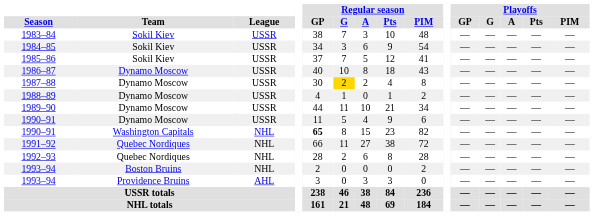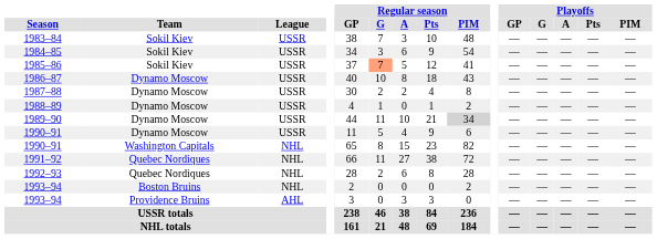 <table border="0" cellpadding="1" cellspacing="0" style="text-align:center; width:60em;">
 <tr style="background:#e0e0e0;">
 <th colspan="3"  bgcolor="#ffffff"> </th>
 <th rowspan="99" bgcolor="#ffffff"> </th>
 <th colspan="5"><a href='#'>Regular season</a></th>
 <th rowspan="99" bgcolor="#ffffff"> </th>
 <th colspan="5"><a href='#'>Playoffs</a></th>
 </tr>
 <tr style="background:#e0e0e0;">
 <th><a href='#'>Season</a></th>
 <th>Team</th>
 <th>League</th>
 <th>GP</th>
 <th><a href='#'>G</a></th>
 <th><a href='#'>A</a></th>
 <th><a href='#'>Pts</a></th>
 <th><a href='#'>PIM</a></th>
 <th>GP</th>
 <th>G</th>
 <th>A</th>
 <th>Pts</th>
 <th>PIM</th>
 </tr>
 <tr>
 <td><a href='#'>1983–84</a></td>
 <td><a href='#'>Sokil Kiev</a></td>
 <td><a href='#'>USSR</a></td>
 <td>38</td>
 <td>7</td>
 <td>3</td>
 <td>10</td>
 <td>48</td>
 <td>—</td>
 <td>—</td>
 <td>—</td>
 <td>—</td>
 <td>—</td>
 </tr>
 <tr bgcolor="#f0f0f0">
 <td><a href='#'>1984–85</a></td>
 <td>Sokil Kiev</td>
 <td>USSR</td>
 <td>34</td>
 <td>3</td>
 <td>6</td>
 <td>9</td>
 <td>54</td>
 <td>—</td>
 <td>—</td>
 <td>—</td>
 <td>—</td>
 <td>—</td>
 </tr>
 <tr>
 <td><a href='#'>1985–86</a></td>
 <td>Sokil Kiev</td>
 <td>USSR</td>
 <td>37</td>
-<td>7</td>
+<td style="background: lightsalmon;">7</td>
 <td>5</td>
 <td>12</td>
 <td>41</td>
 <td>—</td>
 <td>—</td>
 <td>—</td>
 <td>—</td>
 <td>—</td>
 </tr>
 <tr bgcolor="#f0f0f0">
 <td><a href='#'>1986–87</a></td>
 <td><a href='#'>Dynamo Moscow</a></td>
 <td>USSR</td>
 <td>40</td>
 <td>10</td>
 <td>8</td>
 <td>18</td>
 <td>43</td>
 <td>—</td>
 <td>—</td>
 <td>—</td>
 <td>—</td>
 <td>—</td>
 </tr>
 <tr>
 <td><a href='#'>1987–88</a></td>
 <td>Dynamo Moscow</td>
 <td>USSR</td>
 <td>30</td>
-<td style="background: gold;">2</td>
+<td>2</td>
 <td>2</td>
 <td>4</td>
 <td>8</td>
 <td>—</td>
 <td>—</td>
 <td>—</td>
 <td>—</td>
 <td>—</td>
 </tr>
 <tr bgcolor="#f0f0f0">
 <td><a href='#'>1988–89</a></td>
 <td>Dynamo Moscow</td>
 <td>USSR</td>
 <td>4</td>
 <td>1</td>
 <td>0</td>
 <td>1</td>
 <td>2</td>
 <td>—</td>
 <td>—</td>
 <td>—</td>
 <td>—</td>
 <td>—</td>
 </tr>
 <tr>
 <td><a href='#'>1989–90</a></td>
 <td>Dynamo Moscow</td>
 <td>USSR</td>
 <td>44</td>
 <td>11</td>
 <td>10</td>
 <td>21</td>
-<td>34</td>
+<td style="background: lightgrey;">34</td>
 <td>—</td>
 <td>—</td>
 <td>—</td>
 <td>—</td>
 <td>—</td>
 </tr>
 <tr bgcolor="#f0f0f0">
 <td><a href='#'>1990–91</a></td>
 <td>Dynamo Moscow</td>
 <td>USSR</td>
 <td>11</td>
 <td>5</td>
 <td>4</td>
 <td>9</td>
 <td>6</td>
 <td>—</td>
 <td>—</td>
 <td>—</td>
 <td>—</td>
 <td>—</td>
 </tr>
 <tr>
 <td><a href='#'>1990–91</a></td>
 <td><a href='#'>Washington Capitals</a></td>
 <td><a href='#'>NHL</a></td>
-<td><strong>65</strong></td>
+<td>65</td>
 <td>8</td>
 <td>15</td>
 <td>23</td>
 <td>82</td>
 <td>—</td>
 <td>—</td>
 <td>—</td>
 <td>—</td>
 <td>—</td>
 </tr>
 <tr bgcolor="#f0f0f0">
 <td><a href='#'>1991–92</a></td>
 <td><a href='#'>Quebec Nordiques</a></td>
 <td>NHL</td>
 <td>66</td>
 <td>11</td>
 <td>27</td>
 <td>38</td>
 <td>72</td>
 <td>—</td>
 <td>—</td>
 <td>—</td>
 <td>—</td>
 <td>—</td>
 </tr>
 <tr>
 <td><a href='#'>1992–93</a></td>
 <td>Quebec Nordiques</td>
 <td>NHL</td>
 <td>28</td>
 <td>2</td>
 <td>6</td>
 <td>8</td>
 <td>28</td>
 <td>—</td>
 <td>—</td>
 <td>—</td>
 <td>—</td>
 <td>—</td>
 </tr>
 <tr bgcolor="#f0f0f0">
 <td><a href='#'>1993–94</a></td>
 <td><a href='#'>Boston Bruins</a></td>
 <td>NHL</td>
 <td>2</td>
 <td>0</td>
 <td>0</td>
 <td>0</td>
 <td>2</td>
 <td>—</td>
 <td>—</td>
 <td>—</td>
 <td>—</td>
 <td>—</td>
 </tr>
 <tr>
 <td><a href='#'>1993–94</a></td>
 <td><a href='#'>Providence Bruins</a></td>
 <td><a href='#'>AHL</a></td>
 <td>3</td>
 <td>0</td>
 <td>3</td>
 <td>3</td>
 <td>0</td>
 <td>—</td>
 <td>—</td>
 <td>—</td>
 <td>—</td>
 <td>—</td>
 </tr>
 <tr bgcolor="#e0e0e0">
 <th colspan="3">USSR totals</th>
 <th>238</th>
 <th>46</th>
 <th>38</th>
 <th>84</th>
 <th>236</th>
 <th>—</th>
 <th>—</th>
 <th>—</th>
 <th>—</th>
 <th>—</th>
 </tr>
 <tr bgcolor="#e0e0e0">
 <th colspan="3">NHL totals</th>
 <th>161</th>
 <th>21</th>
 <th>48</th>
 <th>69</th>
 <th>184</th>
 <th>—</th>
 <th>—</th>
 <th>—</th>
 <th>—</th>
 <th>—</th>
 </tr>
 </table>
